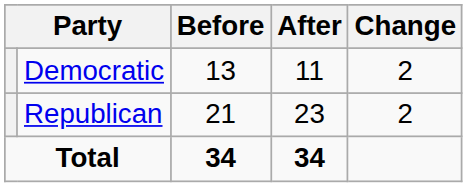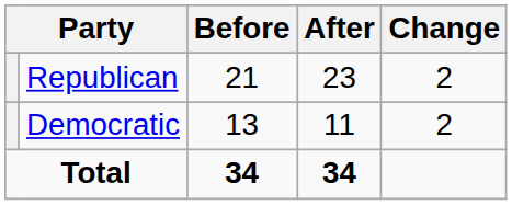 <table class="wikitable" style="text-align:center;">
 <tr>
 <th colspan="2">Party</th>
 <th>Before</th>
 <th>After</th>
 <th>Change</th>
 </tr>
 <tr>
 <th style="background-color:"></th>
-<td style="text-align:left;"><a href='#'>Democratic</a></td>
-<td>13</td>
-<td>11</td>
+<td style="text-align:left;"><a href='#'>Republican</a></td>
+<td>21</td>
+<td>23</td>
 <td> 2</td>
 </tr>
 <tr>
 <th style="background-color:"></th>
-<td style="text-align:left;"><a href='#'>Republican</a></td>
-<td>21</td>
-<td>23</td>
+<td style="text-align:left;"><a href='#'>Democratic</a></td>
+<td>13</td>
+<td>11</td>
 <td> 2</td>
 </tr>
 <tr>
 <td colspan="2"><strong>Total</strong></td>
 <td><strong>34</strong></td>
 <td><strong>34</strong></td>
 <td></td>
 </tr>
 </table>
